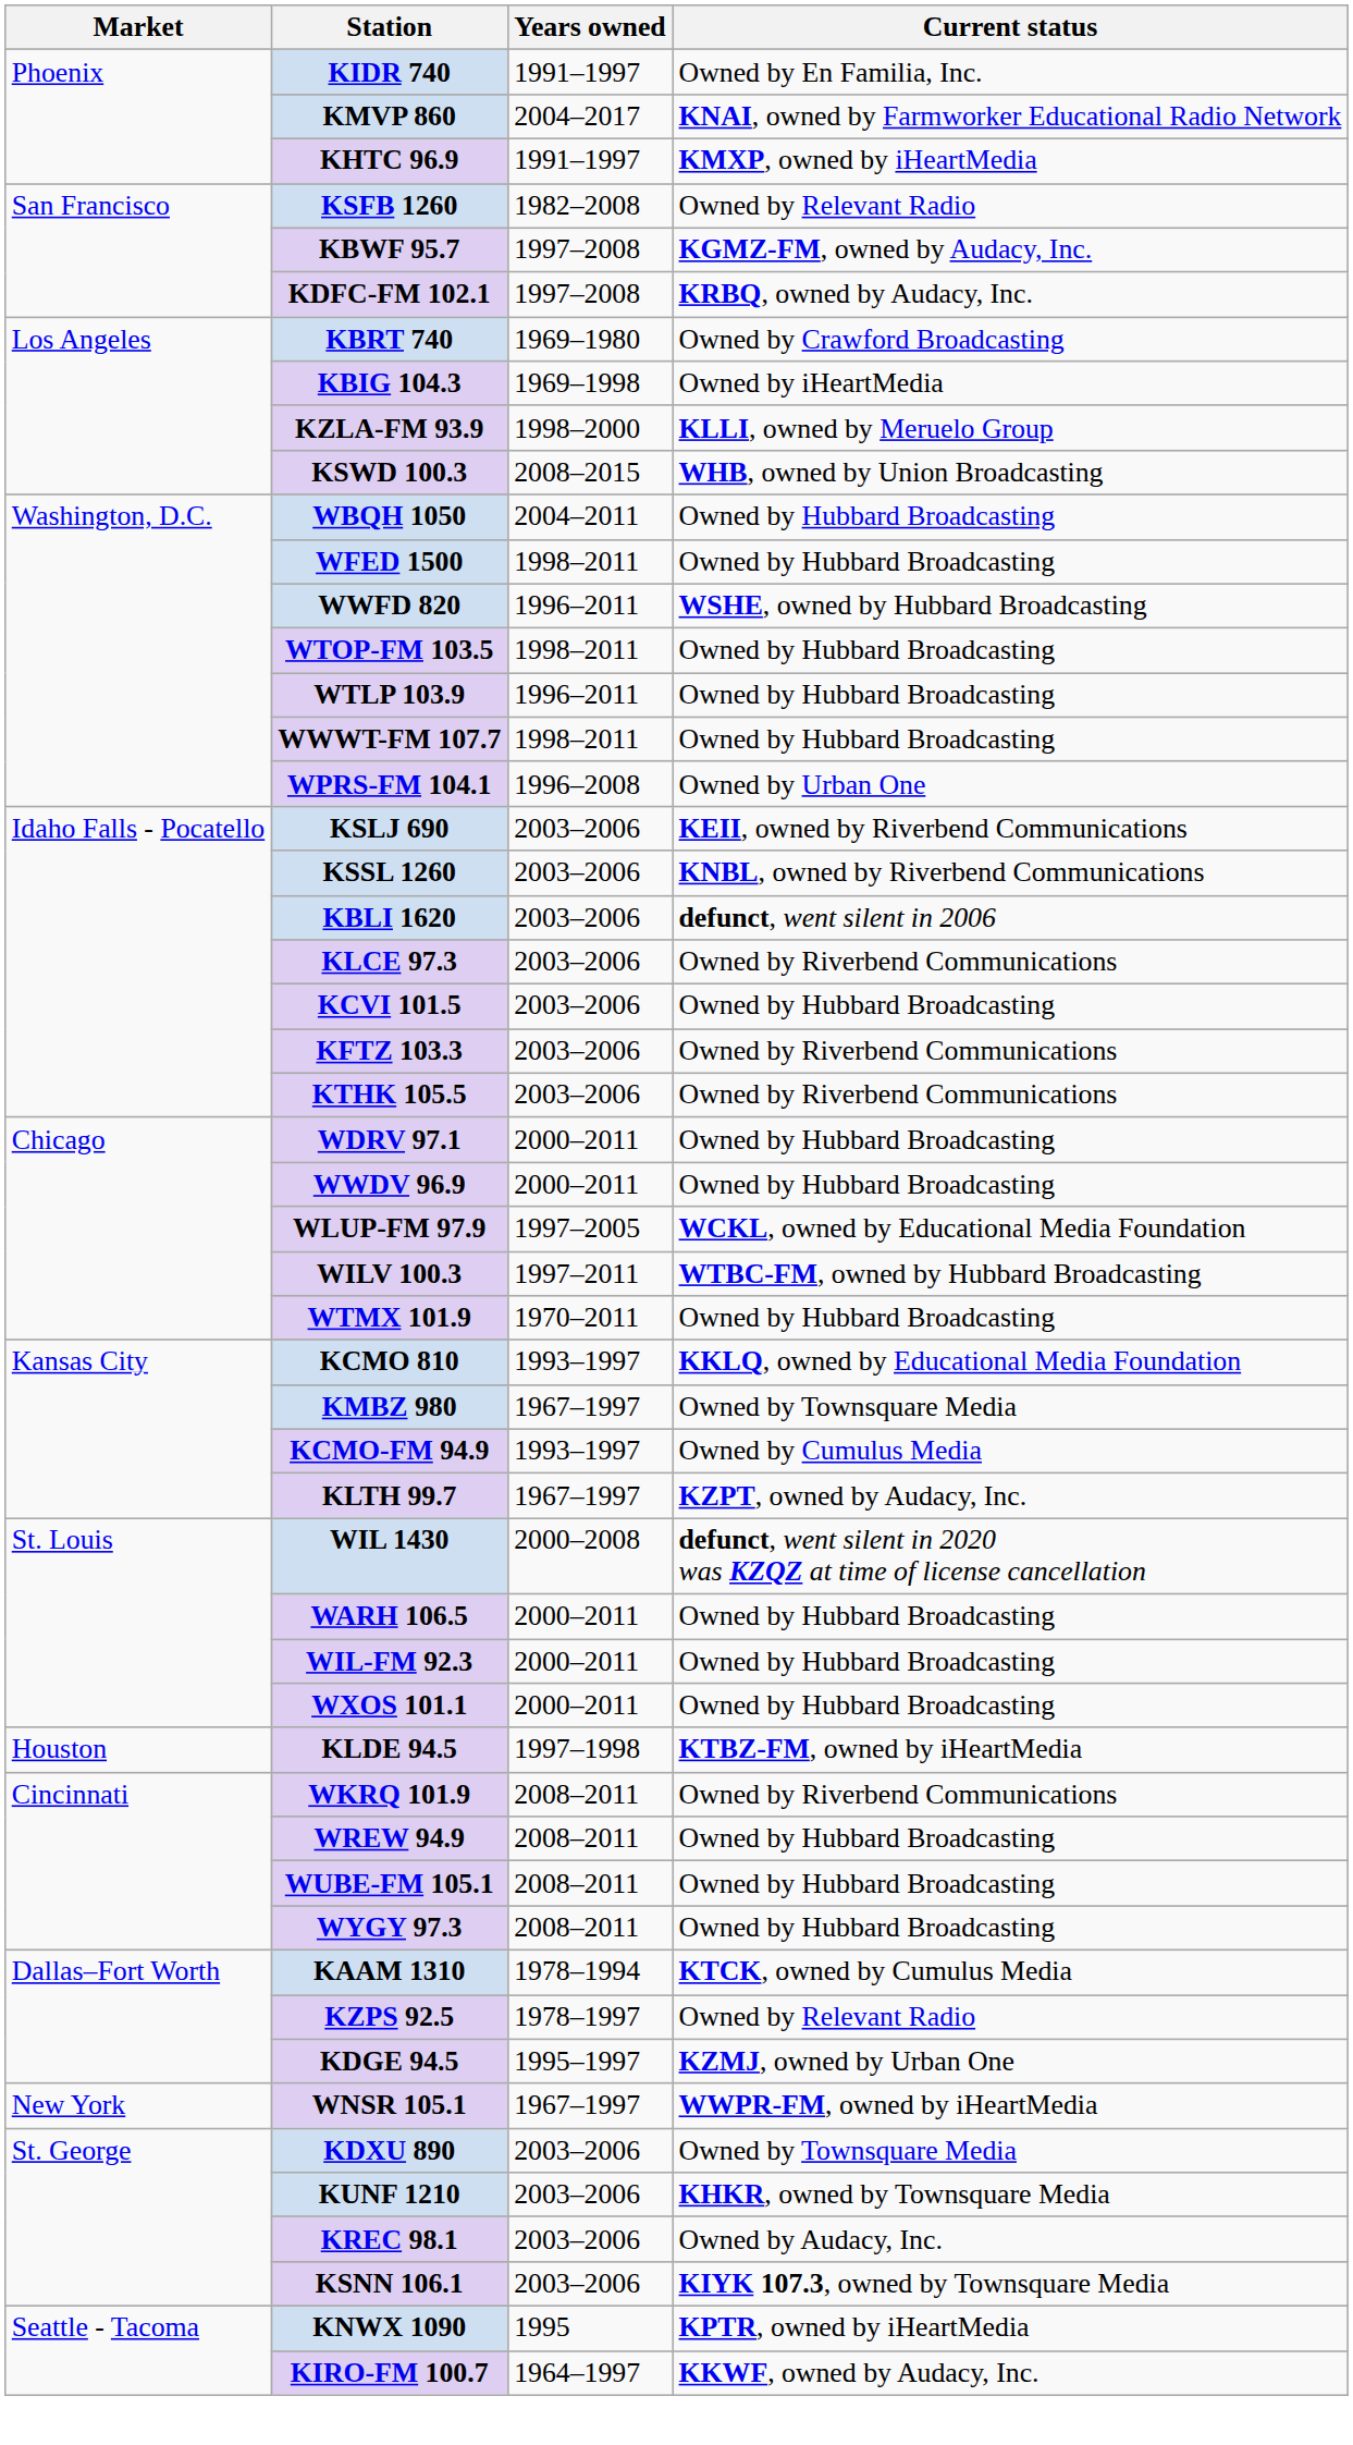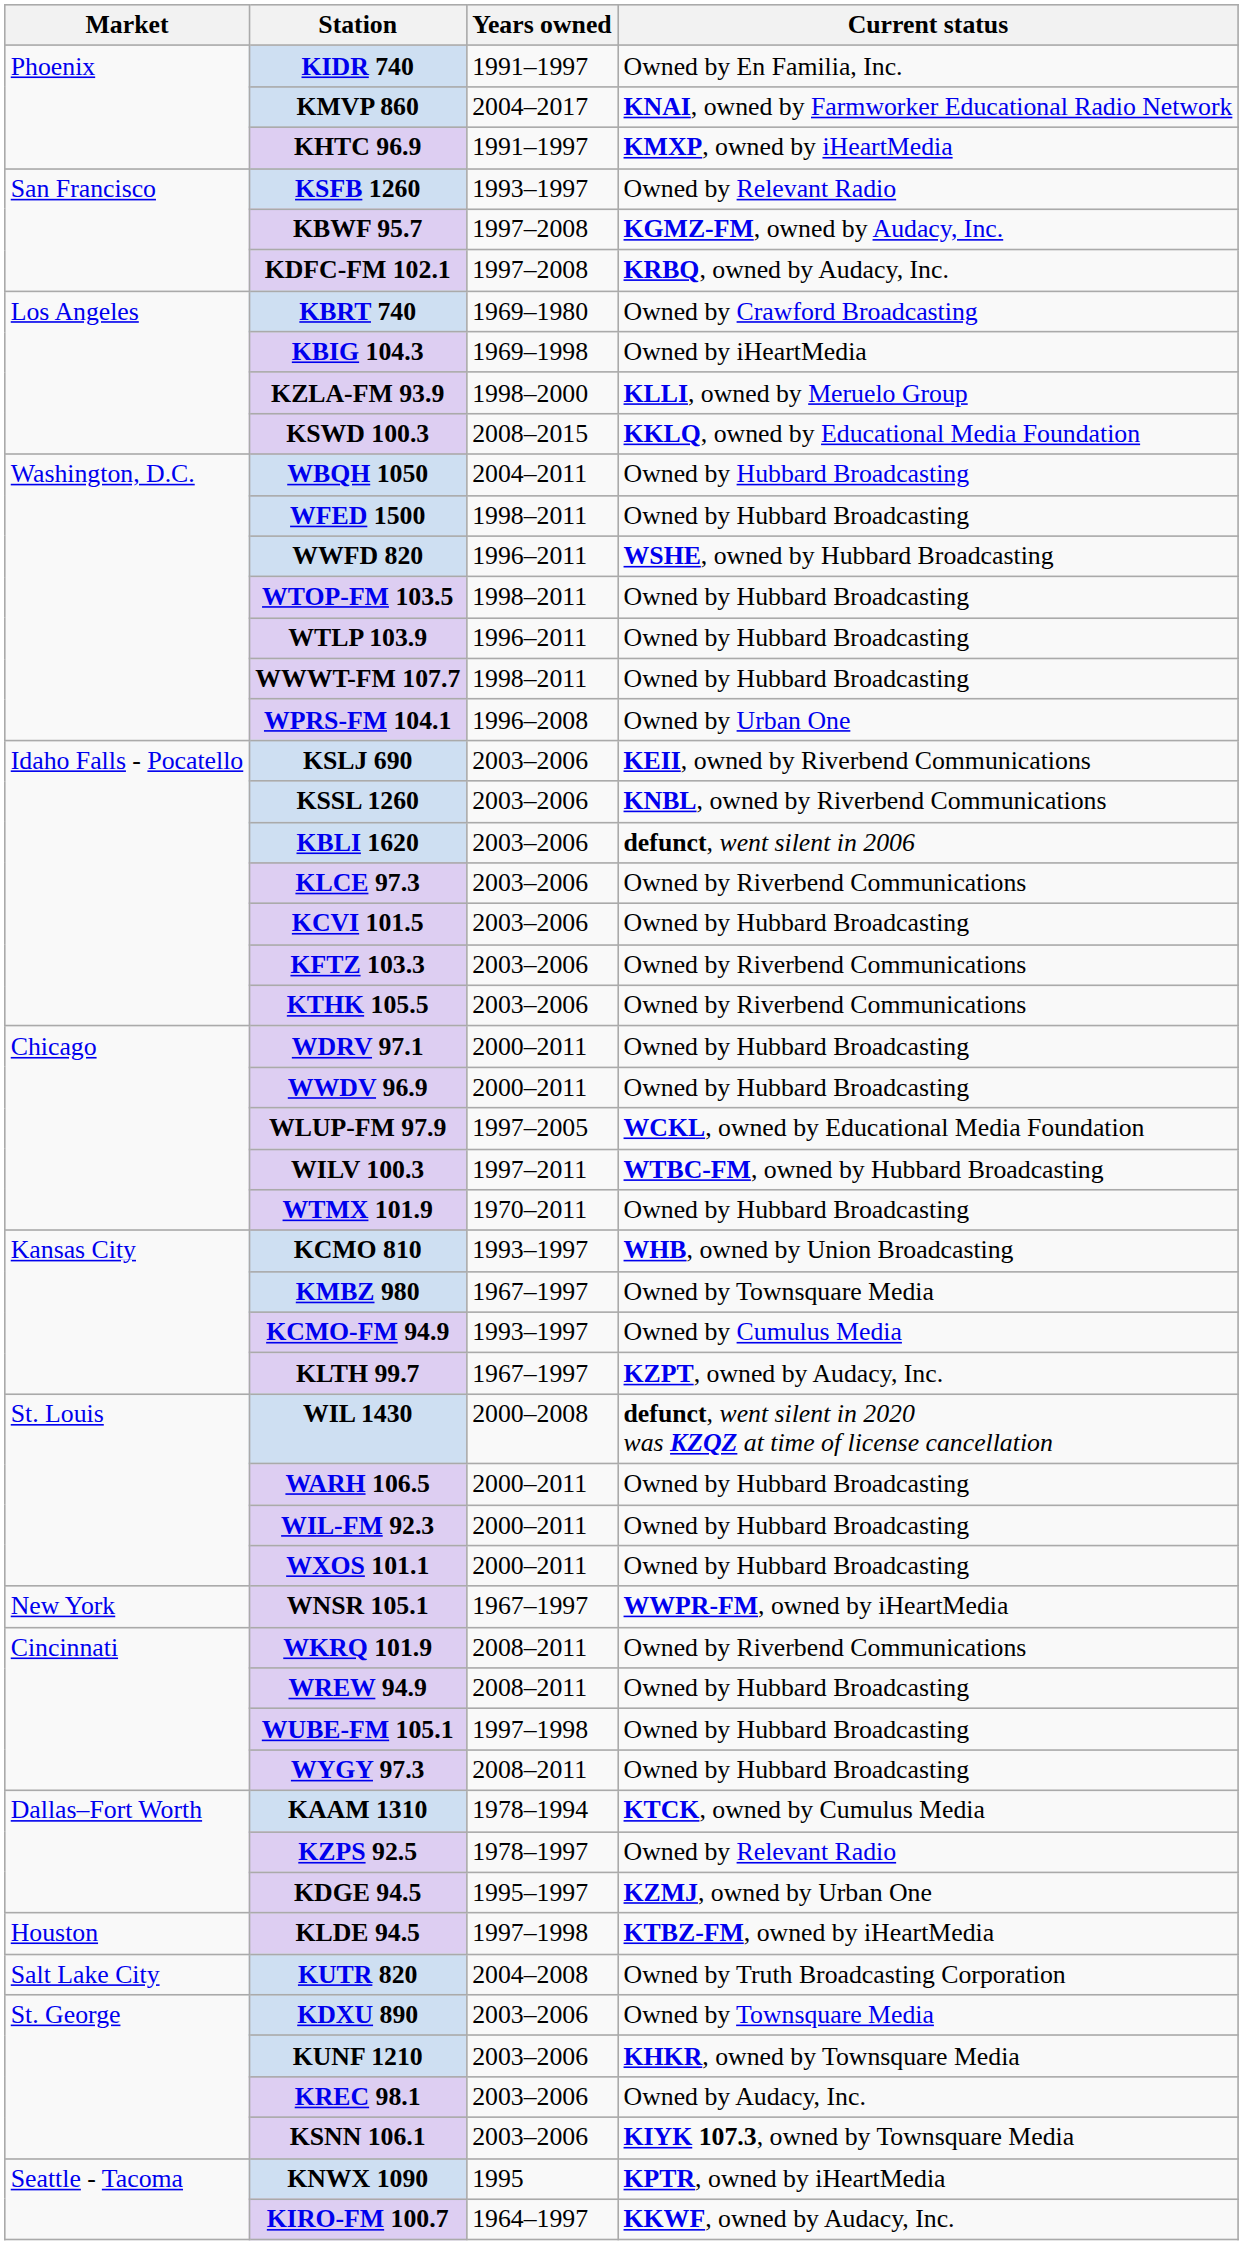 <table class="wikitable">
 <tr>
 <th>Market</th>
 <th>Station</th>
 <th>Years owned</th>
 <th>Current status</th>
 </tr>
 <tr style="vertical-align: top; text-align: left;">
 <td rowspan="3"><a href='#'>Phoenix</a></td>
 <th style="background: #cedff2;"><a href='#'>KIDR</a> 740</th>
 <td>1991–1997</td>
 <td>Owned by En Familia, Inc.</td>
 </tr>
 <tr style="vertical-align: top; text-align: left;">
 <th style="background: #cedff2;">KMVP 860</th>
 <td>2004–2017</td>
 <td><strong><a href='#'>KNAI</a></strong>, owned by <a href='#'>Farmworker Educational Radio Network</a></td>
 </tr>
 <tr style="vertical-align: top; text-align: left;">
 <th style="background: #ddcef2;">KHTC 96.9</th>
 <td>1991–1997</td>
 <td><strong><a href='#'>KMXP</a></strong>, owned by <a href='#'>iHeartMedia</a></td>
 </tr>
 <tr style="vertical-align: top; text-align: left;">
 <td rowspan="3"><a href='#'>San Francisco</a></td>
 <th style="background: #cedff2;"><a href='#'>KSFB</a> 1260</th>
-<td>1982–2008</td>
+<td>1993–1997</td>
 <td>Owned by <a href='#'>Relevant Radio</a></td>
 </tr>
 <tr style="vertical-align: top; text-align: left;">
 <th style="background: #ddcef2;">KBWF 95.7</th>
 <td>1997–2008</td>
 <td><strong><a href='#'>KGMZ-FM</a></strong>, owned by <a href='#'>Audacy, Inc.</a></td>
 </tr>
 <tr style="vertical-align: top; text-align: left;">
 <th style="background: #ddcef2;">KDFC-FM 102.1</th>
 <td>1997–2008</td>
 <td><strong><a href='#'>KRBQ</a></strong>, owned by Audacy, Inc.</td>
 </tr>
 <tr style="vertical-align: top; text-align: left;">
 <td rowspan="4"><a href='#'>Los Angeles</a></td>
 <th style="background: #cedff2;"><a href='#'>KBRT</a> 740</th>
 <td>1969–1980</td>
 <td>Owned by <a href='#'>Crawford Broadcasting</a></td>
 </tr>
 <tr style="vertical-align: top; text-align: left;">
 <th style="background: #ddcef2;"><a href='#'>KBIG</a> 104.3</th>
 <td>1969–1998</td>
 <td>Owned by iHeartMedia</td>
 </tr>
 <tr style="vertical-align: top; text-align: left;">
 <th style="background: #ddcef2;">KZLA-FM 93.9</th>
 <td>1998–2000</td>
 <td><strong><a href='#'>KLLI</a></strong>, owned by <a href='#'>Meruelo Group</a></td>
 </tr>
 <tr style="vertical-align: top; text-align: left;">
 <th style="background: #ddcef2;">KSWD 100.3</th>
 <td>2008–2015</td>
-<td><strong><a href='#'>WHB</a></strong>, owned by Union Broadcasting<br></td>
+<td><strong><a href='#'>KKLQ</a></strong>, owned by <a href='#'>Educational Media Foundation</a></td>
 </tr>
 <tr style="vertical-align: top; text-align: left;">
 <td rowspan="7"><a href='#'>Washington, D.C.</a></td>
 <th style="background: #cedff2;"><a href='#'>WBQH</a> 1050</th>
 <td>2004–2011</td>
 <td>Owned by <a href='#'>Hubbard Broadcasting</a></td>
 </tr>
 <tr style="vertical-align: top; text-align: left;">
 <th style="background: #cedff2;"><a href='#'>WFED</a> 1500</th>
 <td>1998–2011</td>
 <td>Owned by Hubbard Broadcasting</td>
 </tr>
 <tr style="vertical-align: top; text-align: left;">
 <th style="background: #cedff2;">WWFD 820<br></th>
 <td>1996–2011</td>
 <td><strong><a href='#'>WSHE</a></strong>, owned by Hubbard Broadcasting</td>
 </tr>
 <tr style="vertical-align: top; text-align: left;">
 <th style="background: #ddcef2;"><a href='#'>WTOP-FM</a> 103.5</th>
 <td>1998–2011</td>
 <td>Owned by Hubbard Broadcasting</td>
 </tr>
 <tr style="vertical-align: top; text-align: left;">
 <th style="background: #ddcef2;">WTLP 103.9<br></th>
 <td>1996–2011</td>
 <td>Owned by Hubbard Broadcasting</td>
 </tr>
 <tr style="vertical-align: top; text-align: left;">
 <th style="background: #ddcef2;">WWWT-FM 107.7<br></th>
 <td>1998–2011</td>
 <td>Owned by Hubbard Broadcasting</td>
 </tr>
 <tr style="vertical-align: top; text-align: left;">
 <th style="background: #ddcef2;"><a href='#'>WPRS-FM</a> 104.1</th>
 <td>1996–2008</td>
 <td>Owned by <a href='#'>Urban One</a></td>
 </tr>
 <tr style="vertical-align: top; text-align: left;">
 <td rowspan="7"><a href='#'>Idaho Falls</a> - <a href='#'>Pocatello</a></td>
 <th style="background: #cedff2;">KSLJ 690</th>
 <td>2003–2006</td>
 <td><strong><a href='#'>KEII</a></strong>, owned by Riverbend Communications</td>
 </tr>
 <tr style="vertical-align: top; text-align: left;">
 <th style="background: #cedff2;">KSSL 1260</th>
 <td>2003–2006</td>
 <td><strong><a href='#'>KNBL</a></strong>, owned by Riverbend Communications</td>
 </tr>
 <tr style="vertical-align: top; text-align: left;">
 <th style="background: #cedff2;"><a href='#'>KBLI</a> 1620</th>
 <td>2003–2006</td>
 <td><strong>defunct</strong>, <em>went silent in 2006</em></td>
 </tr>
 <tr style="vertical-align: top; text-align: left;">
 <th style="background: #ddcef2;"><a href='#'>KLCE</a> 97.3</th>
 <td>2003–2006</td>
 <td>Owned by Riverbend Communications</td>
 </tr>
 <tr style="vertical-align: top; text-align: left;">
 <th style="background: #ddcef2;"><a href='#'>KCVI</a> 101.5</th>
 <td>2003–2006</td>
 <td>Owned by Hubbard Broadcasting</td>
 </tr>
 <tr style="vertical-align: top; text-align: left;">
 <th style="background: #ddcef2;"><a href='#'>KFTZ</a> 103.3</th>
 <td>2003–2006</td>
 <td>Owned by Riverbend Communications</td>
 </tr>
 <tr style="vertical-align: top; text-align: left;">
 <th style="background: #ddcef2;"><a href='#'>KTHK</a> 105.5</th>
 <td>2003–2006</td>
 <td>Owned by Riverbend Communications</td>
 </tr>
 <tr style="vertical-align: top; text-align: left;">
 <td rowspan="5"><a href='#'>Chicago</a></td>
 <th style="background: #ddcef2;"><a href='#'>WDRV</a> 97.1</th>
 <td>2000–2011</td>
 <td>Owned by Hubbard Broadcasting</td>
 </tr>
 <tr style="vertical-align: top; text-align: left;">
 <th style="background: #ddcef2;"><a href='#'>WWDV</a> 96.9<br></th>
 <td>2000–2011</td>
 <td>Owned by Hubbard Broadcasting</td>
 </tr>
 <tr style="vertical-align: top; text-align: left;">
 <th style="background: #ddcef2;">WLUP-FM 97.9</th>
 <td>1997–2005</td>
 <td><strong><a href='#'>WCKL</a></strong>, owned by Educational Media Foundation</td>
 </tr>
 <tr style="vertical-align: top; text-align: left;">
 <th style="background: #ddcef2;">WILV 100.3</th>
 <td>1997–2011</td>
 <td><strong><a href='#'>WTBC-FM</a></strong>, owned by Hubbard Broadcasting</td>
 </tr>
 <tr style="vertical-align: top; text-align: left;">
 <th style="background: #ddcef2;"><a href='#'>WTMX</a> 101.9</th>
 <td>1970–2011</td>
 <td>Owned by Hubbard Broadcasting</td>
 </tr>
 <tr style="vertical-align: top; text-align: left;">
 <td rowspan="4"><a href='#'>Kansas City</a></td>
 <th style="background: #cedff2;">KCMO 810</th>
 <td>1993–1997</td>
-<td><strong><a href='#'>KKLQ</a></strong>, owned by <a href='#'>Educational Media Foundation</a></td>
+<td><strong><a href='#'>WHB</a></strong>, owned by Union Broadcasting<br></td>
 </tr>
 <tr style="vertical-align: top; text-align: left;">
 <th style="background: #cedff2;"><a href='#'>KMBZ</a> 980</th>
 <td>1967–1997</td>
 <td>Owned by Townsquare Media</td>
 </tr>
 <tr style="vertical-align: top; text-align: left;">
 <th style="background: #ddcef2;"><a href='#'>KCMO-FM</a> 94.9</th>
 <td>1993–1997</td>
 <td>Owned by <a href='#'>Cumulus Media</a></td>
 </tr>
 <tr style="vertical-align: top; text-align: left;">
 <th style="background: #ddcef2;">KLTH 99.7</th>
 <td>1967–1997</td>
 <td><strong><a href='#'>KZPT</a></strong>, owned by Audacy, Inc.</td>
 </tr>
 <tr style="vertical-align: top; text-align: left;">
 <td rowspan="4"><a href='#'>St. Louis</a></td>
 <th style="background: #cedff2">WIL 1430</th>
 <td>2000–2008</td>
 <td><strong>defunct</strong>, <em>went silent in 2020</em><br><em>was <strong><a href='#'>KZQZ</a></strong> at time of license cancellation</em></td>
 </tr>
 <tr style="vertical-align: top; text-align: left;">
 <th style="background: #ddcef2;"><a href='#'>WARH</a> 106.5</th>
 <td>2000–2011</td>
 <td>Owned by Hubbard Broadcasting</td>
 </tr>
 <tr style="vertical-align: top; text-align: left;">
 <th style="background: #ddcef2;"><a href='#'>WIL-FM</a> 92.3</th>
 <td>2000–2011</td>
 <td>Owned by Hubbard Broadcasting</td>
 </tr>
 <tr style="vertical-align: top; text-align: left;">
 <th style="background: #ddcef2;"><a href='#'>WXOS</a> 101.1</th>
 <td>2000–2011</td>
 <td>Owned by Hubbard Broadcasting</td>
 </tr>
 <tr style="vertical=align: top; text-align: left;">
-<td><a href='#'>Houston</a></td>
-<th style="background: #ddcef2;">KLDE 94.5</th>
-<td>1997–1998</td>
-<td><strong><a href='#'>KTBZ-FM</a></strong>, owned by iHeartMedia</td>
+<td><a href='#'>New York</a></td>
+<th style="background: #ddcef2;">WNSR 105.1</th>
+<td>1967–1997</td>
+<td><strong><a href='#'>WWPR-FM</a></strong>, owned by iHeartMedia</td>
 </tr>
 <tr style="vertical-align: top; text-align: left;">
 <td rowspan="4"><a href='#'>Cincinnati</a></td>
 <th style="background: #ddcef2;"><a href='#'>WKRQ</a> 101.9</th>
 <td>2008–2011</td>
 <td>Owned by Riverbend Communications</td>
 </tr>
 <tr style="vertical-align: top; text-align: left;">
 <th style="background: #ddcef2;"><a href='#'>WREW</a> 94.9</th>
 <td>2008–2011</td>
 <td>Owned by Hubbard Broadcasting</td>
 </tr>
 <tr style="vertical-align: top; text-align: left;">
 <th style="background: #ddcef2;"><a href='#'>WUBE-FM</a> 105.1</th>
-<td>2008–2011</td>
+<td>1997–1998</td>
 <td>Owned by Hubbard Broadcasting</td>
 </tr>
 <tr style="vertical-align: top; text-align: left;">
 <th style="background: #ddcef2;"><a href='#'>WYGY</a> 97.3</th>
 <td>2008–2011</td>
 <td>Owned by Hubbard Broadcasting</td>
 </tr>
 <tr style="vertical-align: top; text-align: left;">
 <td rowspan="3"><a href='#'>Dallas–Fort Worth</a></td>
 <th style="background: #cedff2;">KAAM 1310</th>
 <td>1978–1994</td>
 <td><strong><a href='#'>KTCK</a></strong>, owned by Cumulus Media</td>
 </tr>
 <tr style="vertical-align: top; text-align: left;">
 <th style="background: #ddcef2;"><a href='#'>KZPS</a> 92.5</th>
 <td>1978–1997</td>
 <td>Owned by <a href='#'>Relevant Radio</a></td>
 </tr>
 <tr style="vertical-align: top; text-align: left;">
 <th style="background: #ddcef2;">KDGE 94.5</th>
 <td>1995–1997</td>
 <td><strong><a href='#'>KZMJ</a></strong>, owned by Urban One</td>
 </tr>
 <tr style="vertical=align: top; text-align: left;">
-<td><a href='#'>New York</a></td>
-<th style="background: #ddcef2;">WNSR 105.1</th>
-<td>1967–1997</td>
-<td><strong><a href='#'>WWPR-FM</a></strong>, owned by iHeartMedia</td>
+<td><a href='#'>Houston</a></td>
+<th style="background: #ddcef2;">KLDE 94.5</th>
+<td>1997–1998</td>
+<td><strong><a href='#'>KTBZ-FM</a></strong>, owned by iHeartMedia</td>
+</tr>
+<tr style="vertical=align: top; text-align: left;">
+<td><a href='#'>Salt Lake City</a></td>
+<th style="background: #cedff2;"><a href='#'>KUTR</a> 820</th>
+<td>2004–2008</td>
+<td>Owned by Truth Broadcasting Corporation</td>
 </tr>
 <tr style="vertical-align: top; text-align: left;">
 <td rowspan="4"><a href='#'>St. George</a></td>
 <th style="background: #cedff2;"><a href='#'>KDXU</a> 890</th>
 <td>2003–2006</td>
 <td>Owned by <a href='#'>Townsquare Media</a></td>
 </tr>
 <tr style="vertical-align: top; text-align: left;">
 <th style="background: #cedff2;">KUNF 1210</th>
 <td>2003–2006</td>
 <td><strong><a href='#'>KHKR</a></strong>, owned by Townsquare Media</td>
 </tr>
 <tr style="vertical-align: top; text-align: left;">
 <th style="background: #ddcef2;"><a href='#'>KREC</a> 98.1</th>
 <td>2003–2006</td>
 <td>Owned by Audacy, Inc.</td>
 </tr>
 <tr style="vertical-align: top; text-align: left;">
 <th style="background: #ddcef2;">KSNN 106.1</th>
 <td>2003–2006</td>
 <td><strong><a href='#'>KIYK</a> 107.3</strong>, owned by Townsquare Media</td>
 </tr>
 <tr style="vertical-align: top; text-align: left;">
 <td rowspan="2"><a href='#'>Seattle</a> - <a href='#'>Tacoma</a></td>
 <th style="background: #cedff2;">KNWX 1090</th>
 <td>1995</td>
 <td><strong><a href='#'>KPTR</a></strong>, owned by iHeartMedia</td>
 </tr>
 <tr style="vertical-align: top; text-align: left;">
 <th style="background: #ddcef2;"><a href='#'>KIRO-FM</a> 100.7</th>
 <td>1964–1997</td>
 <td><strong><a href='#'>KKWF</a></strong>, owned by Audacy, Inc.</td>
 </tr>
 </table>
